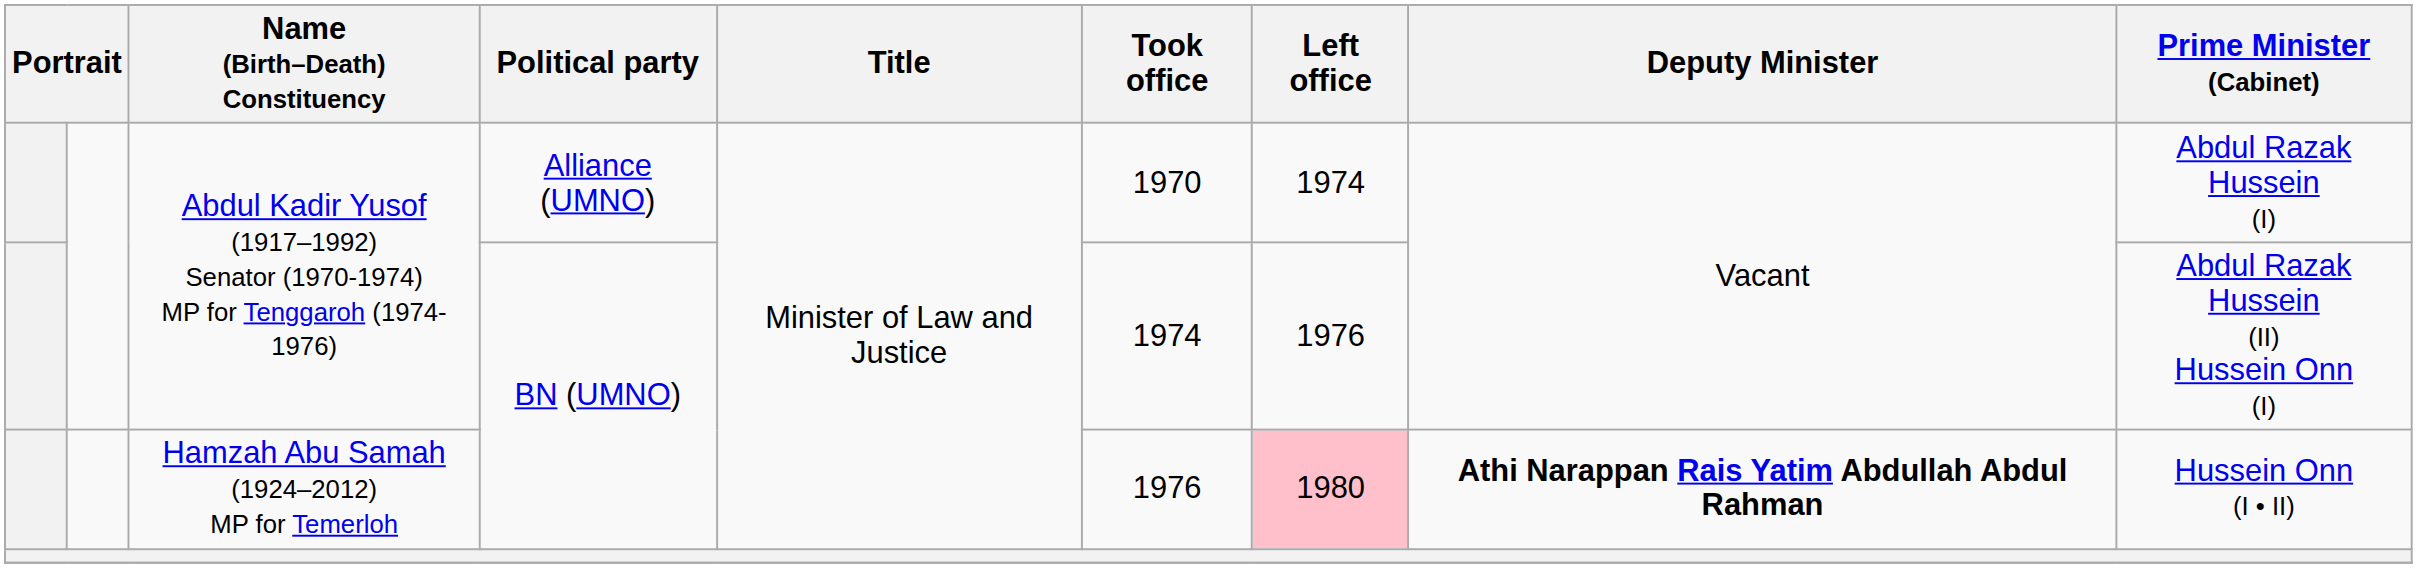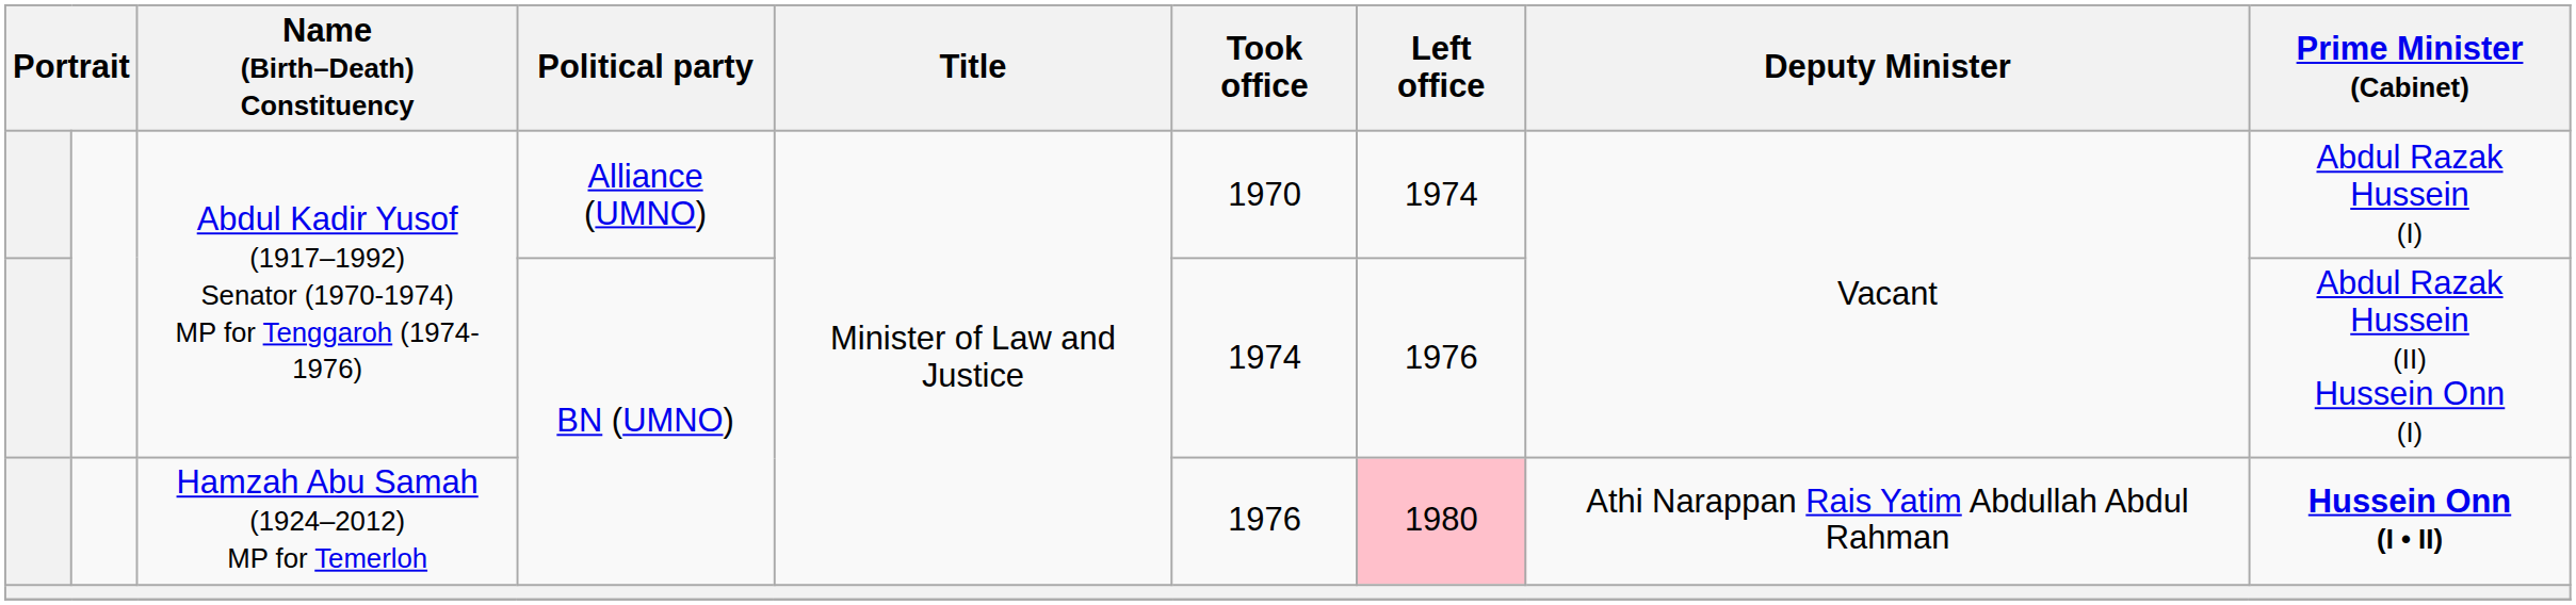 <table class="wikitable" style="text-align:center;">
 <tr>
 <th colspan=2>Portrait</th>
 <th>Name<br><small>(Birth–Death)<br>Constituency</small></th>
 <th>Political party</th>
 <th>Title</th>
 <th>Took office</th>
 <th>Left office</th>
 <th>Deputy Minister</th>
 <th><a href='#'>Prime Minister</a><br><small>(Cabinet)</small></th>
 </tr>
 <tr>
 <th style="background:"></th>
 <td rowspan="2"></td>
 <td rowspan="2"><a href='#'>Abdul Kadir Yusof</a><br><small>(1917–1992)<br>Senator (1970-1974) <br> MP for <a href='#'>Tenggaroh</a> (1974-1976)</small></td>
 <td><a href='#'>Alliance</a> (<a href='#'>UMNO</a>)</td>
 <td rowspan=3>Minister of Law and Justice</td>
 <td>1970</td>
 <td>1974</td>
 <td rowspan="2">Vacant</td>
 <td><a href='#'>Abdul Razak Hussein</a><br><small>(I)</small></td>
 </tr>
 <tr>
 <th style="background:"></th>
 <td rowspan="2"><a href='#'>BN</a> (<a href='#'>UMNO</a>)</td>
 <td>1974</td>
 <td>1976</td>
 <td><a href='#'>Abdul Razak Hussein</a><br><small>(II)</small><br><a href='#'>Hussein Onn</a><br><small>(I)</small></td>
 </tr>
 <tr>
 <th style="background:"></th>
 <td></td>
 <td><a href='#'>Hamzah Abu Samah</a><br><small>(1924–2012)<br>MP for <a href='#'>Temerloh</a></small></td>
 <td>1976</td>
 <td style="background: pink;">1980</td>
-<td><strong>Athi Narappan  <a href='#'>Rais Yatim</a>  Abdullah Abdul Rahman</strong></td>
-<td><a href='#'>Hussein Onn</a><br><small>(I • II)</small></td>
+<td>Athi Narappan  <a href='#'>Rais Yatim</a>  Abdullah Abdul Rahman</td>
+<td><strong><a href='#'>Hussein Onn</a><br><small>(I • II)</small></strong></td>
 </tr>
 <tr>
 <th colspan="9" bgcolor="cccccc"></th>
 </tr>
 <tr>
 </tr>
 </table>
